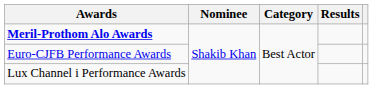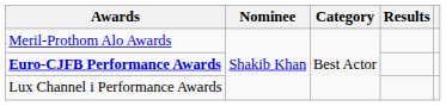 <table class="wikitable">
 <tr>
 <th>Awards</th>
 <th>Nominee</th>
 <th>Category</th>
 <th>Results</th>
 <th></th>
 </tr>
 <tr>
-<td><strong><a href='#'>Meril-Prothom Alo Awards</a></strong></td>
+<td><a href='#'>Meril-Prothom Alo Awards</a></td>
 <td rowspan="3"><a href='#'>Shakib Khan</a></td>
 <td rowspan="3">Best Actor</td>
 <td></td>
 <td></td>
 </tr>
 <tr>
-<td><a href='#'>Euro-CJFB Performance Awards</a></td>
+<td><strong><a href='#'>Euro-CJFB Performance Awards</a></strong></td>
 <td></td>
 <td></td>
 </tr>
 <tr>
 <td>Lux Channel i Performance Awards</td>
 <td></td>
 <td></td>
 </tr>
 </table>
